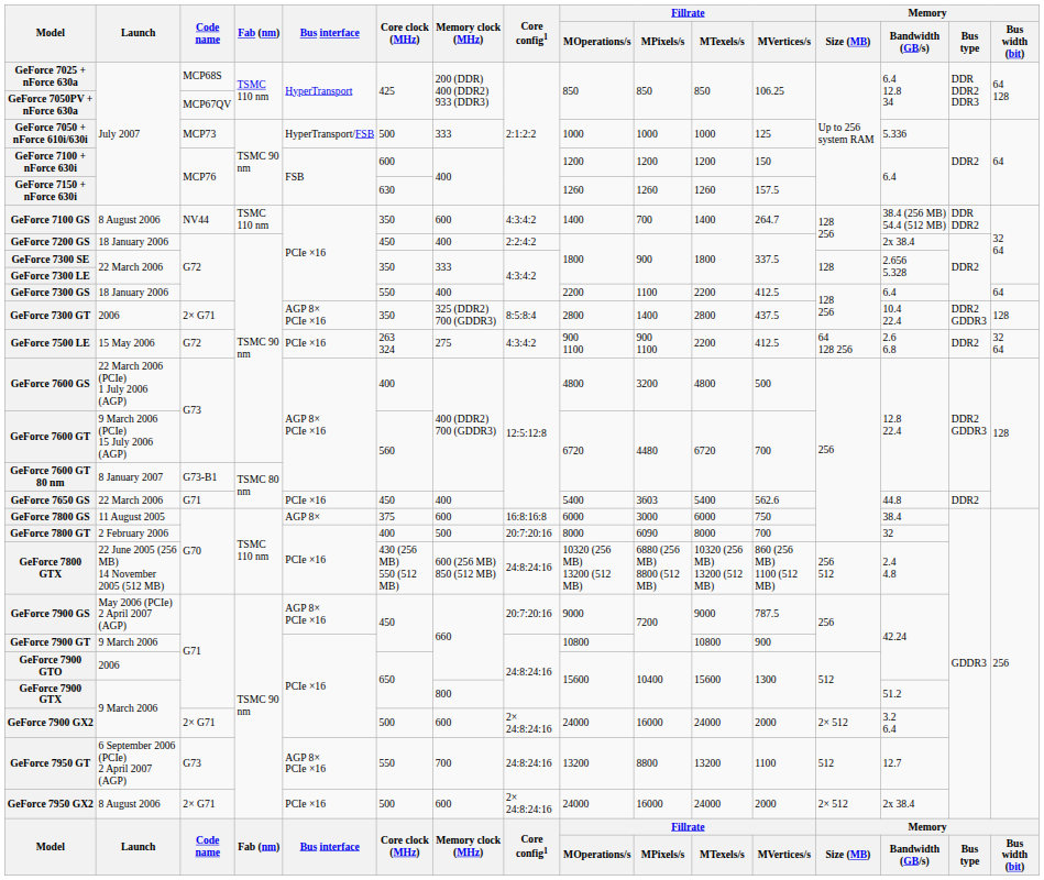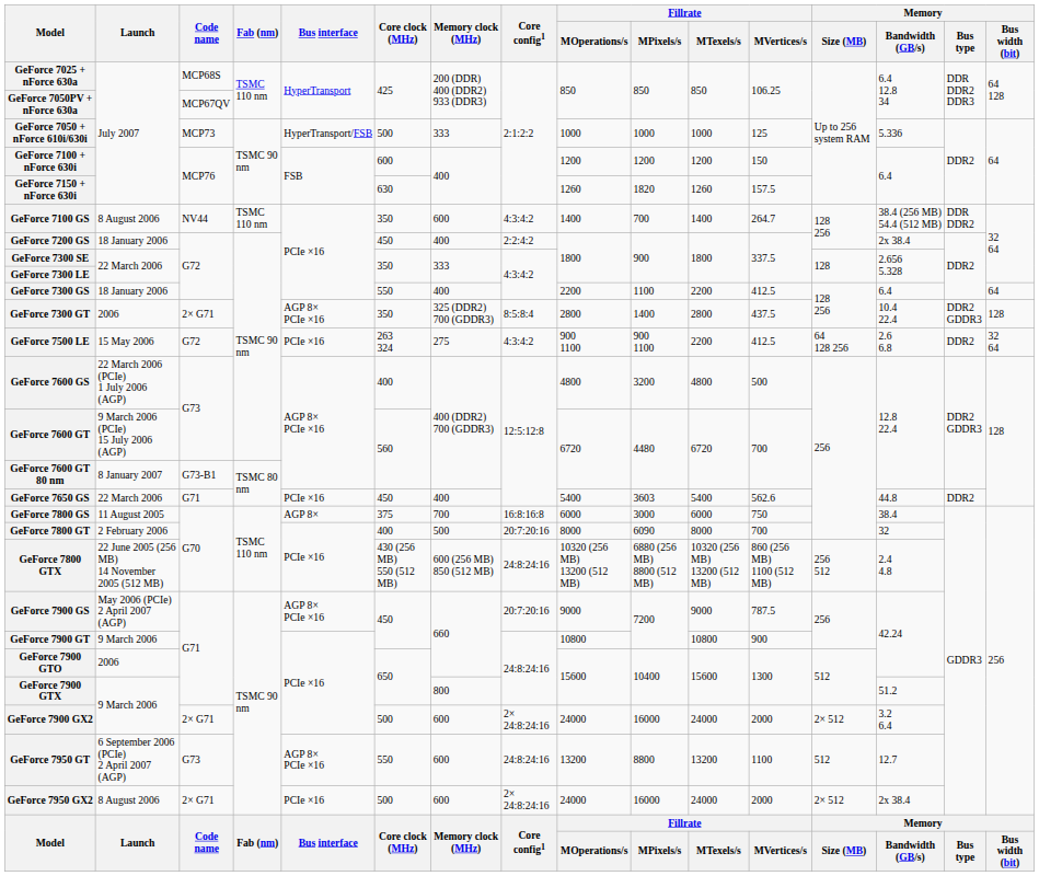 <table class="wikitable">
 <tr>
 <th rowspan="2">Model</th>
 <th rowspan="2">Launch</th>
 <th rowspan="2"><a href='#'>Code name</a></th>
 <th rowspan="2"><a href='#'>Fab</a> (<a href='#'>nm</a>)</th>
 <th rowspan="2"><a href='#'>Bus</a> <a href='#'>interface</a></th>
 <th rowspan="2">Core clock (<a href='#'>MHz</a>)</th>
 <th rowspan="2">Memory clock (<a href='#'>MHz</a>)</th>
 <th rowspan="2">Core config<sup>1</sup></th>
 <th colspan="4"><a href='#'>Fillrate</a></th>
 <th colspan="4">Memory</th>
 </tr>
 <tr>
 <th>MOperations/s</th>
 <th>MPixels/s</th>
 <th>MTexels/s</th>
 <th>MVertices/s</th>
 <th>Size (<a href='#'>MB</a>)</th>
 <th>Bandwidth (<a href='#'>GB</a>/s)</th>
 <th>Bus type</th>
 <th>Bus width (<a href='#'>bit</a>)</th>
 </tr>
 <tr>
 <th>GeForce 7025 + nForce 630a</th>
 <td rowspan="5">July 2007</td>
 <td>MCP68S</td>
 <td rowspan="2"><a href='#'>TSMC</a> 110 nm</td>
 <td rowspan="2"><a href='#'>HyperTransport</a></td>
 <td rowspan="2">425</td>
 <td rowspan="2">200 (DDR)<br>400 (DDR2)<br>933 (DDR3)</td>
 <td rowspan="5">2:1:2:2</td>
 <td rowspan="2">850</td>
 <td rowspan="2">850</td>
 <td rowspan="2">850</td>
 <td rowspan="2">106.25</td>
 <td rowspan="5">Up to 256 system RAM</td>
 <td rowspan="2">6.4<br>12.8<br>34</td>
 <td rowspan="2">DDR<br>DDR2<br>DDR3</td>
 <td rowspan="2">64<br>128</td>
 </tr>
 <tr>
 <th>GeForce 7050PV + nForce 630a</th>
 <td>MCP67QV</td>
 </tr>
 <tr>
 <th>GeForce 7050 + nForce 610i/630i</th>
 <td>MCP73</td>
 <td rowspan="3">TSMC 90 nm</td>
 <td>HyperTransport/<a href='#'>FSB</a></td>
 <td>500</td>
 <td>333</td>
 <td>1000</td>
 <td>1000</td>
 <td>1000</td>
 <td>125</td>
 <td>5.336</td>
 <td rowspan="3">DDR2</td>
 <td rowspan="3">64</td>
 </tr>
 <tr>
 <th>GeForce 7100 + nForce 630i</th>
 <td rowspan="2">MCP76</td>
 <td rowspan="2">FSB</td>
 <td>600</td>
 <td rowspan="2">400</td>
 <td>1200</td>
 <td>1200</td>
 <td>1200</td>
 <td>150</td>
 <td rowspan="2">6.4</td>
 </tr>
 <tr>
 <th>GeForce 7150 + nForce 630i</th>
 <td>630</td>
 <td>1260</td>
-<td>1260</td>
+<td>1820</td>
 <td>1260</td>
 <td>157.5</td>
 </tr>
 <tr>
 <th>GeForce 7100 GS</th>
 <td>8 August 2006</td>
 <td>NV44</td>
 <td>TSMC 110 nm</td>
 <td rowspan="5">PCIe ×16</td>
 <td>350</td>
 <td>600</td>
 <td>4:3:4:2</td>
 <td>1400</td>
 <td>700</td>
 <td>1400</td>
 <td>264.7</td>
 <td rowspan="2">128<br>256</td>
 <td>38.4 (256 MB)<br>54.4 (512 MB)</td>
 <td>DDR<br>DDR2</td>
 <td rowspan="4">32<br>64</td>
 </tr>
 <tr>
 <th>GeForce 7200 GS</th>
 <td>18 January 2006</td>
 <td rowspan="4">G72</td>
 <td rowspan="8">TSMC 90 nm</td>
 <td>450</td>
 <td>400</td>
 <td>2:2:4:2</td>
 <td rowspan="3">1800</td>
 <td rowspan="3">900</td>
 <td rowspan="3">1800</td>
 <td rowspan="3">337.5</td>
 <td>2x 38.4</td>
 <td rowspan="4">DDR2</td>
 </tr>
 <tr>
 <th>GeForce 7300 SE</th>
 <td rowspan="2">22 March 2006</td>
 <td rowspan="2">350</td>
 <td rowspan="2">333</td>
 <td rowspan="3">4:3:4:2</td>
 <td rowspan="2">128</td>
 <td rowspan="2">2.656<br>5.328</td>
 </tr>
 <tr>
 <th>GeForce 7300 LE</th>
 </tr>
 <tr>
 <th>GeForce 7300 GS</th>
 <td>18 January 2006</td>
 <td>550</td>
 <td>400</td>
 <td>2200</td>
 <td>1100</td>
 <td>2200</td>
 <td>412.5</td>
 <td rowspan="2">128<br>256</td>
 <td>6.4</td>
 <td>64</td>
 </tr>
 <tr>
 <th>GeForce 7300 GT</th>
 <td>2006</td>
 <td>2× G71</td>
 <td>AGP 8×<br>PCIe ×16</td>
 <td>350</td>
 <td>325 (DDR2)<br>700 (GDDR3)</td>
 <td>8:5:8:4</td>
 <td>2800</td>
 <td>1400</td>
 <td>2800</td>
 <td>437.5</td>
 <td>10.4<br>22.4</td>
 <td>DDR2<br>GDDR3</td>
 <td>128</td>
 </tr>
 <tr>
 <th>GeForce 7500 LE</th>
 <td>15 May 2006</td>
 <td>G72</td>
 <td>PCIe ×16</td>
 <td>263<br>324</td>
 <td>275</td>
 <td>4:3:4:2</td>
 <td>900<br>1100</td>
 <td>900<br>1100</td>
 <td>2200</td>
 <td>412.5</td>
 <td>64<br>128 256</td>
 <td>2.6<br>6.8</td>
 <td>DDR2</td>
 <td>32<br>64</td>
 </tr>
 <tr>
 <th>GeForce 7600 GS</th>
 <td>22 March 2006 (PCIe)<br>1 July 2006 (AGP)</td>
 <td rowspan="2">G73</td>
 <td rowspan="3">AGP 8×<br>PCIe ×16</td>
 <td>400</td>
 <td rowspan="3">400 (DDR2)<br>700 (GDDR3)</td>
 <td rowspan="4">12:5:12:8</td>
 <td>4800</td>
 <td>3200</td>
 <td>4800</td>
 <td>500</td>
 <td rowspan="6">256</td>
 <td rowspan="3">12.8<br>22.4</td>
 <td rowspan="3">DDR2<br>GDDR3</td>
 <td rowspan="4">128</td>
 </tr>
 <tr>
 <th>GeForce 7600 GT</th>
 <td>9 March 2006 (PCIe)<br>15 July 2006 (AGP)</td>
 <td rowspan="2">560</td>
 <td rowspan="2">6720</td>
 <td rowspan="2">4480</td>
 <td rowspan="2">6720</td>
 <td rowspan="2">700</td>
 </tr>
 <tr>
 <th>GeForce 7600 GT 80 nm</th>
 <td>8 January 2007</td>
 <td>G73-B1</td>
 <td rowspan="2">TSMC 80 nm</td>
 </tr>
 <tr>
 <th>GeForce 7650 GS</th>
 <td>22 March 2006</td>
 <td>G71</td>
 <td>PCIe ×16</td>
 <td>450</td>
 <td>400</td>
 <td>5400</td>
 <td>3603</td>
 <td>5400</td>
 <td>562.6</td>
 <td>44.8</td>
 <td>DDR2</td>
 </tr>
 <tr>
 <th>GeForce 7800 GS</th>
 <td>11 August 2005</td>
 <td rowspan="3">G70</td>
 <td rowspan="3">TSMC 110 nm</td>
 <td>AGP 8×</td>
 <td>375</td>
-<td>600</td>
+<td>700</td>
 <td>16:8:16:8</td>
 <td>6000</td>
 <td>3000</td>
 <td>6000</td>
 <td>750</td>
 <td>38.4</td>
 <td rowspan="10">GDDR3</td>
 <td rowspan="10">256</td>
 </tr>
 <tr>
 <th>GeForce 7800 GT</th>
 <td>2 February 2006</td>
 <td rowspan="2">PCIe ×16</td>
 <td>400</td>
 <td>500</td>
 <td>20:7:20:16</td>
 <td>8000</td>
 <td>6090</td>
 <td>8000</td>
 <td>700</td>
 <td>32</td>
 </tr>
 <tr>
 <th>GeForce 7800 GTX</th>
 <td>22 June 2005 (256 MB)<br>14 November 2005 (512 MB)</td>
 <td>430 (256 MB)<br>550 (512 MB)</td>
 <td>600 (256 MB)<br>850 (512 MB)</td>
 <td>24:8:24:16</td>
 <td>10320 (256 MB)<br>13200 (512 MB)</td>
 <td>6880 (256 MB)<br>8800 (512 MB)</td>
 <td>10320 (256 MB)<br>13200 (512 MB)</td>
 <td>860 (256 MB)<br>1100 (512 MB)</td>
 <td>256<br>512</td>
 <td>2.4<br>4.8</td>
 </tr>
 <tr>
 <th>GeForce 7900 GS</th>
 <td>May 2006 (PCIe)<br>2 April 2007 (AGP)</td>
 <td rowspan="4">G71</td>
 <td rowspan="7">TSMC 90 nm</td>
 <td>AGP 8×<br>PCIe ×16</td>
 <td rowspan="2">450</td>
 <td rowspan="3">660</td>
 <td>20:7:20:16</td>
 <td>9000</td>
 <td rowspan="2">7200</td>
 <td>9000</td>
 <td>787.5</td>
 <td rowspan="2">256</td>
 <td rowspan="3">42.24</td>
 </tr>
 <tr>
 <th>GeForce 7900 GT</th>
 <td>9 March 2006</td>
 <td rowspan="4">PCIe ×16</td>
 <td rowspan="3">24:8:24:16</td>
 <td>10800</td>
 <td>10800</td>
 <td>900</td>
 </tr>
 <tr>
 <th>GeForce 7900 GTO</th>
 <td>2006</td>
 <td rowspan="2">650</td>
 <td rowspan="2">15600</td>
 <td rowspan="2">10400</td>
 <td rowspan="2">15600</td>
 <td rowspan="2">1300</td>
 <td rowspan="2">512</td>
 </tr>
 <tr>
 <th>GeForce 7900 GTX</th>
 <td rowspan="2">9 March 2006</td>
 <td>800</td>
 <td>51.2</td>
 </tr>
 <tr>
 <th>GeForce 7900 GX2</th>
 <td>2× G71</td>
 <td>500</td>
 <td>600</td>
 <td>2× 24:8:24:16</td>
 <td>24000</td>
 <td>16000</td>
 <td>24000</td>
 <td>2000</td>
 <td>2× 512</td>
 <td>3.2<br>6.4</td>
 </tr>
 <tr>
 <th>GeForce 7950 GT</th>
 <td>6 September 2006 (PCIe)<br>2 April 2007 (AGP)</td>
 <td>G73</td>
 <td>AGP 8×<br>PCIe ×16</td>
 <td>550</td>
-<td>700</td>
+<td>600</td>
 <td>24:8:24:16</td>
 <td>13200</td>
 <td>8800</td>
 <td>13200</td>
 <td>1100</td>
 <td>512</td>
 <td>12.7</td>
 </tr>
 <tr>
 <th>GeForce 7950 GX2</th>
 <td>8 August 2006</td>
 <td>2× G71</td>
 <td>PCIe ×16</td>
 <td>500</td>
 <td>600</td>
 <td>2× 24:8:24:16</td>
 <td>24000</td>
 <td>16000</td>
 <td>24000</td>
 <td>2000</td>
 <td>2× 512</td>
 <td>2x 38.4</td>
 </tr>
 <tr>
 <th rowspan="2">Model</th>
 <th rowspan="2">Launch</th>
 <th rowspan="2"><a href='#'>Code name</a></th>
 <th rowspan="2">Fab (<a href='#'>nm</a>)</th>
 <th rowspan="2"><a href='#'>Bus</a> <a href='#'>interface</a></th>
 <th rowspan="2">Core clock (<a href='#'>MHz</a>)</th>
 <th rowspan="2">Memory clock (<a href='#'>MHz</a>)</th>
 <th rowspan="2">Core config<sup>1</sup></th>
 <th colspan="4"><a href='#'>Fillrate</a></th>
 <th colspan="4">Memory</th>
 </tr>
 <tr>
 <th>MOperations/s</th>
 <th>MPixels/s</th>
 <th>MTexels/s</th>
 <th>MVertices/s</th>
 <th>Size (<a href='#'>MB</a>)</th>
 <th>Bandwidth (<a href='#'>GB</a>/s)</th>
 <th>Bus type</th>
 <th>Bus width (<a href='#'>bit</a>)</th>
 </tr>
 </table>
